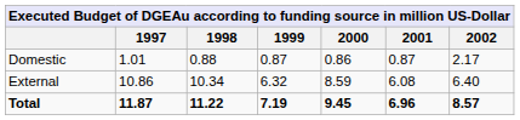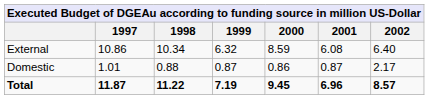 <table class="wikitable">
 <tr>
 <th style="background:#E6E6FA" colspan=7>Executed Budget of DGEAu according to funding source in million US-Dollar</th>
 </tr>
 <tr>
 <th></th>
 <th>1997</th>
 <th>1998</th>
 <th>1999</th>
 <th>2000</th>
 <th>2001</th>
 <th>2002</th>
 </tr>
 <tr>
+<td>External</td>
+<td>10.86</td>
+<td>10.34</td>
+<td>6.32</td>
+<td>8.59</td>
+<td>6.08</td>
+<td>6.40</td>
+</tr>
+<tr>
 <td>Domestic</td>
 <td>1.01</td>
 <td>0.88</td>
 <td>0.87</td>
 <td>0.86</td>
 <td>0.87</td>
 <td>2.17</td>
-</tr>
-<tr>
-<td>External</td>
-<td>10.86</td>
-<td>10.34</td>
-<td>6.32</td>
-<td>8.59</td>
-<td>6.08</td>
-<td>6.40</td>
 </tr>
 <tr>
 <td><strong>Total</strong></td>
 <td><strong>11.87</strong></td>
 <td><strong>11.22</strong></td>
 <td><strong>7.19</strong></td>
 <td><strong>9.45</strong></td>
 <td><strong>6.96</strong></td>
 <td><strong>8.57</strong></td>
 </tr>
 </table>
